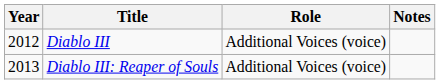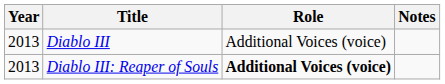 <table class="wikitable plainrowheaders sortable" style="margin–right: 0;">
 <tr>
 <th scope="col">Year</th>
 <th scope="col">Title</th>
 <th scope="col">Role</th>
 <th scope="col" class="unsortable">Notes</th>
 </tr>
 <tr>
-<td>2012</td>
+<td>2013</td>
 <td><em><a href='#'>Diablo III</a></em></td>
 <td>Additional Voices (voice)</td>
 <td></td>
 </tr>
 <tr>
 <td>2013</td>
 <td><em><a href='#'>Diablo III: Reaper of Souls</a></em></td>
-<td>Additional Voices (voice)</td>
+<td><strong>Additional Voices (voice)</strong></td>
 <td></td>
 </tr>
 </table>
